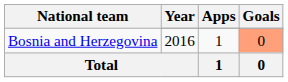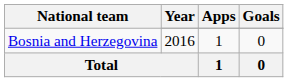 <table class="wikitable" style="text-align:center">
 <tr>
 <th>National team</th>
 <th>Year</th>
 <th>Apps</th>
 <th>Goals</th>
 </tr>
 <tr>
 <td rowspan=2><a href='#'>Bosnia and Herzegovina</a></td>
 </tr>
 <tr>
 <td>2016</td>
 <td>1</td>
-<td style="background: lightsalmon;">0</td>
+<td>0</td>
 </tr>
 <tr>
 <th colspan=2>Total</th>
 <th>1</th>
 <th>0</th>
 </tr>
 </table>
